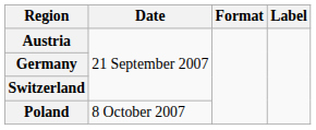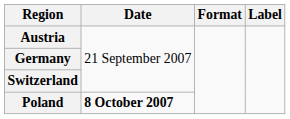 <table class="wikitable plainrowheaders">
 <tr>
 <th scope="col">Region</th>
 <th scope="col">Date</th>
 <th scope="col">Format</th>
 <th scope="col">Label</th>
 </tr>
 <tr>
 <th scope="row">Austria</th>
 <td rowspan="3">21 September 2007</td>
 <td rowspan="4"></td>
 <td rowspan="4"></td>
 </tr>
 <tr>
 <th scope="row">Germany</th>
 </tr>
 <tr>
 <th scope="row">Switzerland</th>
 </tr>
 <tr>
 <th scope="row">Poland</th>
-<td>8 October 2007</td>
+<td><strong>8 October 2007</strong></td>
 </tr>
 </table>
